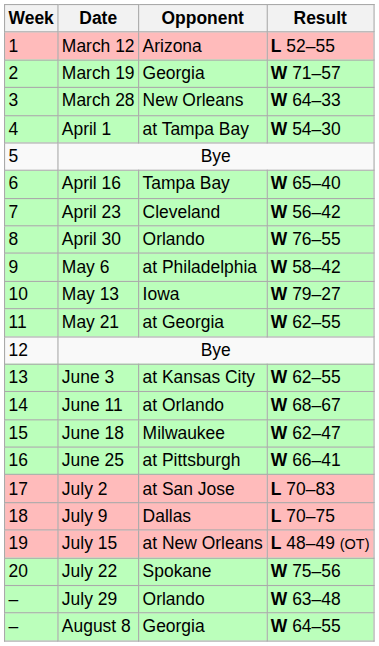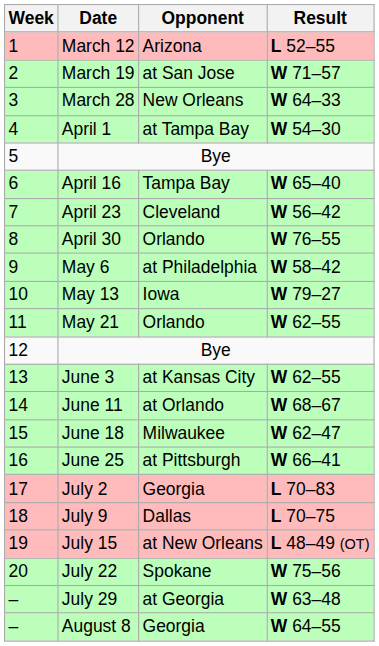 <table class="wikitable">
 <tr>
 <th>Week</th>
 <th>Date</th>
 <th>Opponent</th>
 <th>Result</th>
 </tr>
 <tr bgcolor="#ffbbbb">
 <td>1</td>
 <td>March 12</td>
 <td>Arizona</td>
 <td><strong>L</strong> 52–55</td>
 </tr>
 <tr bgcolor="#bbffbb">
 <td>2</td>
 <td>March 19</td>
-<td>Georgia</td>
+<td>at San Jose</td>
 <td><strong>W</strong> 71–57</td>
 </tr>
 <tr bgcolor="#bbffbb">
 <td>3</td>
 <td>March 28</td>
 <td>New Orleans</td>
 <td><strong>W</strong> 64–33</td>
 </tr>
 <tr bgcolor="#bbffbb">
 <td>4</td>
 <td>April 1</td>
 <td>at Tampa Bay</td>
 <td><strong>W</strong> 54–30</td>
 </tr>
 <tr>
 <td>5</td>
 <td colspan="3" align="center">Bye</td>
 </tr>
 <tr bgcolor="#bbffbb">
 <td>6</td>
 <td>April 16</td>
 <td>Tampa Bay</td>
 <td><strong>W</strong> 65–40</td>
 </tr>
 <tr bgcolor="#bbffbb">
 <td>7</td>
 <td>April 23</td>
 <td>Cleveland</td>
 <td><strong>W</strong> 56–42</td>
 </tr>
 <tr bgcolor="#bbffbb">
 <td>8</td>
 <td>April 30</td>
 <td>Orlando</td>
 <td><strong>W</strong> 76–55</td>
 </tr>
 <tr bgcolor="#bbffbb">
 <td>9</td>
 <td>May 6</td>
 <td>at Philadelphia</td>
 <td><strong>W</strong> 58–42</td>
 </tr>
 <tr bgcolor="#bbffbb">
 <td>10</td>
 <td>May 13</td>
 <td>Iowa</td>
 <td><strong>W</strong> 79–27</td>
 </tr>
 <tr bgcolor="#bbffbb">
 <td>11</td>
 <td>May 21</td>
-<td>at Georgia</td>
+<td>Orlando</td>
 <td><strong>W</strong> 62–55</td>
 </tr>
 <tr>
 <td>12</td>
 <td colspan="3" align="center">Bye</td>
 </tr>
 <tr bgcolor="#bbffbb">
 <td>13</td>
 <td>June 3</td>
 <td>at Kansas City</td>
 <td><strong>W</strong> 62–55</td>
 </tr>
 <tr bgcolor="#bbffbb">
 <td>14</td>
 <td>June 11</td>
 <td>at Orlando</td>
 <td><strong>W</strong> 68–67</td>
 </tr>
 <tr bgcolor="#bbffbb">
 <td>15</td>
 <td>June 18</td>
 <td>Milwaukee</td>
 <td><strong>W</strong> 62–47</td>
 </tr>
 <tr bgcolor="#bbffbb">
 <td>16</td>
 <td>June 25</td>
 <td>at Pittsburgh</td>
 <td><strong>W</strong> 66–41</td>
 </tr>
 <tr bgcolor="#ffbbbb">
 <td>17</td>
 <td>July 2</td>
-<td>at San Jose</td>
+<td>Georgia</td>
 <td><strong>L</strong> 70–83</td>
 </tr>
 <tr bgcolor="#ffbbbb">
 <td>18</td>
 <td>July 9</td>
 <td>Dallas</td>
 <td><strong>L</strong> 70–75</td>
 </tr>
 <tr bgcolor="#ffbbbb">
 <td>19</td>
 <td>July 15</td>
 <td>at New Orleans</td>
 <td><strong>L</strong> 48–49 <small>(OT)</small></td>
 </tr>
 <tr bgcolor="#bbffbb">
 <td>20</td>
 <td>July 22</td>
 <td>Spokane</td>
 <td><strong>W</strong> 75–56</td>
 </tr>
 <tr bgcolor="#bbffbb">
 <td>–</td>
 <td>July 29</td>
-<td>Orlando</td>
+<td>at Georgia</td>
 <td><strong>W</strong> 63–48</td>
 </tr>
 <tr bgcolor="#bbffbb">
 <td>–</td>
 <td>August 8</td>
 <td>Georgia</td>
 <td><strong>W</strong> 64–55</td>
 </tr>
 </table>
